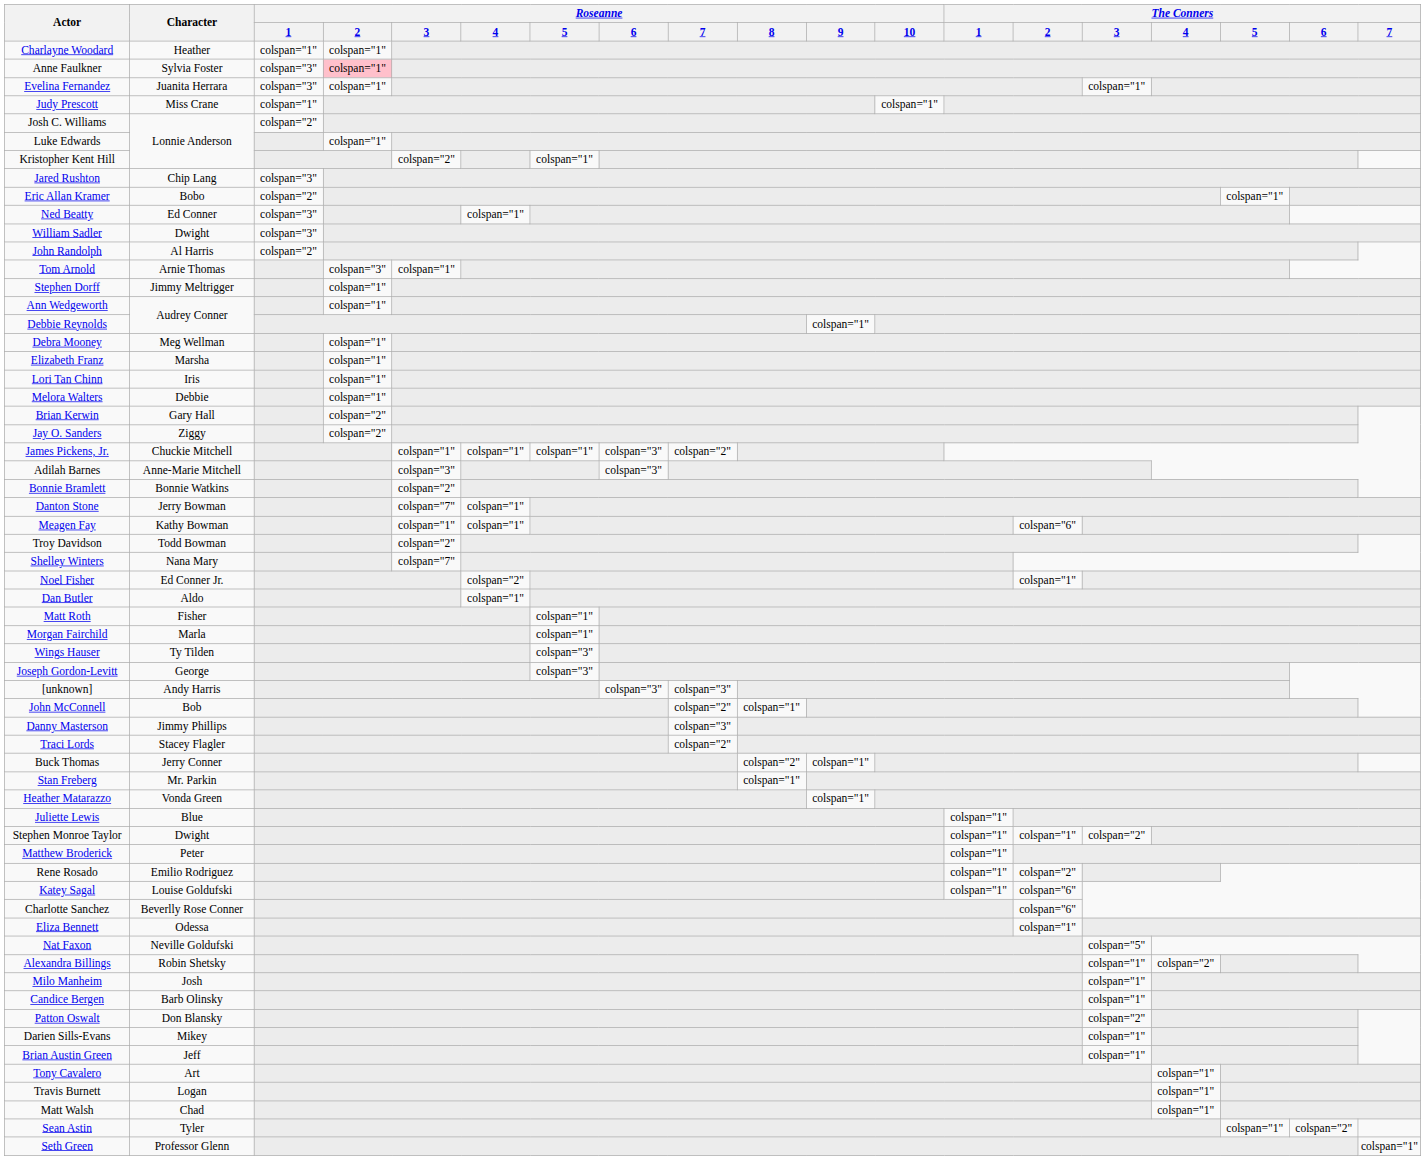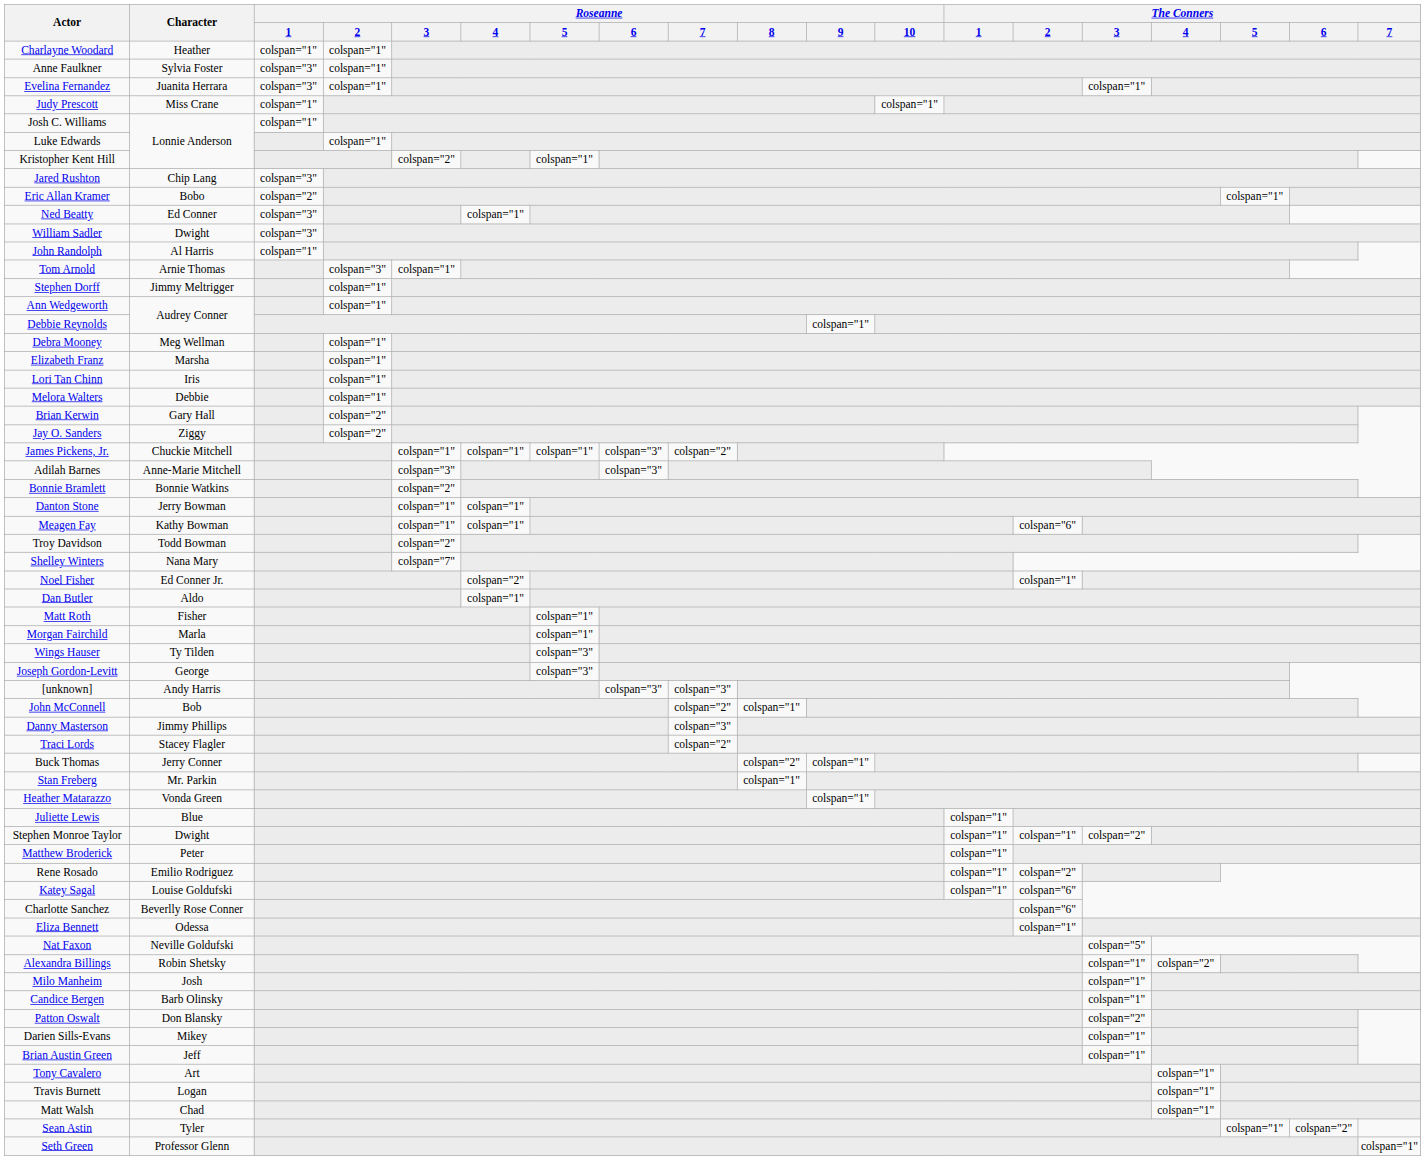 <table class="wikitable plainrowheaders" style="text-align:center">
 <tr>
 <th scope="col" rowspan="2" style="width:10%;">Actor</th>
 <th scope="col" rowspan="2" style="width:10%;">Character</th>
 <th scope="col" colspan="10"><em><a href='#'>Roseanne</a></em></th>
 <th scope="col" colspan="7"><em><a href='#'>The Conners</a></em></th>
 </tr>
 <tr>
 <th scope="col" style="width:5%;"><a href='#'>1</a></th>
 <th scope="col" style="width:5%;"><a href='#'>2</a></th>
 <th scope="col" style="width:5%;"><a href='#'>3</a></th>
 <th scope="col" style="width:5%;"><a href='#'>4</a></th>
 <th scope="col" style="width:5%;"><a href='#'>5</a></th>
 <th scope="col" style="width:5%;"><a href='#'>6</a></th>
 <th scope="col" style="width:5%;"><a href='#'>7</a></th>
 <th scope="col" style="width:5%;"><a href='#'>8</a></th>
 <th scope="col" style="width:5%;"><a href='#'>9</a></th>
 <th scope="col" style="width:5%;"><a href='#'>10</a></th>
 <th scope="col" style="width:5%;"><a href='#'>1</a></th>
 <th scope="col" style="width:5%;"><a href='#'>2</a></th>
 <th scope="col" style="width:5%;"><a href='#'>3</a></th>
 <th scope="col" style="width:5%;"><a href='#'>4</a></th>
 <th scope="col" style="width:5%;"><a href='#'>5</a></th>
 <th scope="col" style="width:5%;"><a href='#'>6</a></th>
 <th scope="col" style="width:5%;"><a href='#'>7</a></th>
 </tr>
 <tr>
 <td><a href='#'>Charlayne Woodard</a></td>
 <td>Heather</td>
 <td>colspan="1" </td>
 <td>colspan="1" </td>
 <td colspan="15" style="background:#ececec; color:gray;"></td>
 </tr>
 <tr>
 <td>Anne Faulkner</td>
 <td>Sylvia Foster</td>
 <td>colspan="3" </td>
-<td style="background: pink;">colspan="1" </td>
+<td>colspan="1" </td>
 <td colspan="15" style="background:#ececec; color:gray;"></td>
 </tr>
 <tr>
 <td><a href='#'>Evelina Fernandez</a></td>
 <td>Juanita Herrara</td>
 <td>colspan="3" </td>
 <td>colspan="1" </td>
 <td colspan="10" style="background:#ececec; color:gray;"></td>
 <td>colspan="1" </td>
 <td colspan="4" style="background:#ececec; color:gray;"></td>
 </tr>
 <tr>
 <td><a href='#'>Judy Prescott</a></td>
 <td>Miss Crane</td>
 <td>colspan="1" </td>
 <td style="background:#ececec; color:gray;" colspan="8"></td>
 <td>colspan="1" </td>
 <td colspan="7" style="background:#ececec; color:gray;"></td>
 </tr>
 <tr>
 <td>Josh C. Williams</td>
 <td rowspan="3">Lonnie Anderson</td>
-<td>colspan="2" </td>
+<td>colspan="1" </td>
 <td colspan="16" style="background:#ececec; color:gray;"></td>
 </tr>
 <tr>
 <td>Luke Edwards</td>
 <td style="background:#ececec; color:gray;" colspan="1"></td>
 <td>colspan="1" </td>
 <td colspan="15" style="background:#ececec; color:gray;"></td>
 </tr>
 <tr>
 <td>Kristopher Kent Hill</td>
 <td style="background:#ececec; color:gray;" colspan="2"></td>
 <td>colspan="2" </td>
 <td style="background:#ececec; color:gray;" colspan="1"></td>
 <td>colspan="1" </td>
 <td colspan="11" style="background:#ececec; color:gray;"></td>
 </tr>
 <tr>
 <td><a href='#'>Jared Rushton</a></td>
 <td>Chip Lang</td>
 <td>colspan="3" </td>
 <td colspan="16" style="background:#ececec; color:gray;"></td>
 </tr>
 <tr>
 <td><a href='#'>Eric Allan Kramer</a></td>
 <td>Bobo</td>
 <td>colspan="2" </td>
 <td colspan="13" style="background:#ececec; color:gray;"></td>
 <td>colspan="1" </td>
 <td colspan="2" style="background:#ececec; color:gray;"></td>
 </tr>
 <tr>
 <td><a href='#'>Ned Beatty</a></td>
 <td>Ed Conner</td>
 <td>colspan="3" </td>
 <td style="background:#ececec; color:gray;" colspan="2"></td>
 <td>colspan="1" </td>
 <td colspan="11" style="background:#ececec; color:gray;"></td>
 </tr>
 <tr>
 <td><a href='#'>William Sadler</a></td>
 <td>Dwight</td>
 <td>colspan="3" </td>
 <td colspan="16" style="background:#ececec; color:gray;"></td>
 </tr>
 <tr>
 <td><a href='#'>John Randolph</a></td>
 <td>Al Harris</td>
-<td>colspan="2" </td>
+<td>colspan="1" </td>
 <td colspan="15" style="background:#ececec; color:gray;"></td>
 </tr>
 <tr>
 <td><a href='#'>Tom Arnold</a></td>
 <td>Arnie Thomas</td>
 <td colspan="1" style="background:#ececec; color:gray;"></td>
 <td>colspan="3" </td>
 <td>colspan="1" </td>
 <td colspan="12" style="background:#ececec; color:gray;"></td>
 </tr>
 <tr>
 <td><a href='#'>Stephen Dorff</a></td>
 <td>Jimmy Meltrigger</td>
 <td colspan="1" style="background:#ececec; color:gray;"></td>
 <td>colspan="1" </td>
 <td colspan="15" style="background:#ececec; color:gray;"></td>
 </tr>
 <tr>
 <td><a href='#'>Ann Wedgeworth</a></td>
 <td rowspan="2" style="text-align:center;">Audrey Conner</td>
 <td colspan="1" style="background:#ececec; color:gray;"></td>
 <td>colspan="1" </td>
 <td colspan="15" style="background:#ececec; color:gray;"></td>
 </tr>
 <tr>
 <td><a href='#'>Debbie Reynolds</a></td>
 <td colspan="8" style="background:#ececec; color:gray;"></td>
 <td>colspan="1" </td>
 <td colspan="8" style="background:#ececec; color:gray;"></td>
 </tr>
 <tr>
 <td><a href='#'>Debra Mooney</a></td>
 <td>Meg Wellman</td>
 <td colspan="1" style="background:#ececec; color:gray;"></td>
 <td>colspan="1" </td>
 <td colspan="15" style="background:#ececec; color:gray;"></td>
 </tr>
 <tr>
 <td><a href='#'>Elizabeth Franz</a></td>
 <td>Marsha</td>
 <td colspan="1" style="background:#ececec; color:gray;"></td>
 <td>colspan="1" </td>
 <td colspan="15" style="background:#ececec; color:gray;"></td>
 </tr>
 <tr>
 <td><a href='#'>Lori Tan Chinn</a></td>
 <td>Iris</td>
 <td colspan="1" style="background:#ececec; color:gray;"></td>
 <td>colspan="1" </td>
 <td colspan="15" style="background:#ececec; color:gray;"></td>
 </tr>
 <tr>
 <td><a href='#'>Melora Walters</a></td>
 <td>Debbie</td>
 <td colspan="1" style="background:#ececec; color:gray;"></td>
 <td>colspan="1" </td>
 <td colspan="15" style="background:#ececec; color:gray;"></td>
 </tr>
 <tr>
 <td><a href='#'>Brian Kerwin</a></td>
 <td>Gary Hall</td>
 <td colspan="1" style="background:#ececec; color:gray;"></td>
 <td>colspan="2" </td>
 <td colspan="14" style="background:#ececec; color:gray;"></td>
 </tr>
 <tr>
 <td><a href='#'>Jay O. Sanders</a></td>
 <td>Ziggy</td>
 <td colspan="1" style="background:#ececec; color:gray;"></td>
 <td>colspan="2" </td>
 <td colspan="14" style="background:#ececec; color:gray;"></td>
 </tr>
 <tr>
 <td><a href='#'>James Pickens, Jr.</a></td>
 <td>Chuckie Mitchell</td>
 <td colspan="2" style="background:#ececec; color:gray;"></td>
 <td>colspan="1" </td>
 <td>colspan="1" </td>
 <td>colspan="1" </td>
 <td>colspan="3" </td>
 <td>colspan="2" </td>
 <td colspan="3" style="background:#ececec; color:gray;"></td>
 </tr>
 <tr>
 <td>Adilah Barnes</td>
 <td>Anne-Marie Mitchell</td>
 <td colspan="2" style="background:#ececec; color:gray;"></td>
 <td>colspan="3" </td>
 <td colspan="2" style="background:#ececec; color:gray;"></td>
 <td>colspan="3" </td>
 <td colspan="7" style="background:#ececec; color:gray;"></td>
 </tr>
 <tr>
 <td><a href='#'>Bonnie Bramlett</a></td>
 <td>Bonnie Watkins</td>
 <td colspan="2" style="background:#ececec; color:gray;"></td>
 <td>colspan="2" </td>
 <td colspan="13" style="background:#ececec; color:gray;"></td>
 </tr>
 <tr>
 <td><a href='#'>Danton Stone</a></td>
 <td>Jerry Bowman</td>
 <td colspan="2" style="background:#ececec; color:gray;"></td>
-<td>colspan="7" </td>
+<td>colspan="1" </td>
 <td>colspan="1" </td>
 <td colspan="13" style="background:#ececec; color:gray;"></td>
 </tr>
 <tr>
 <td><a href='#'>Meagen Fay</a></td>
 <td>Kathy Bowman</td>
 <td colspan="2" style="background:#ececec; color:gray;"></td>
 <td>colspan="1" </td>
 <td>colspan="1" </td>
 <td colspan="7" style="background:#ececec; color:gray;"></td>
 <td>colspan="6" </td>
 <td colspan="5" style="background:#ececec; color:gray;"></td>
 </tr>
 <tr>
 <td>Troy Davidson</td>
 <td>Todd Bowman</td>
 <td colspan="2" style="background:#ececec; color:gray;"></td>
 <td>colspan="2" </td>
 <td colspan="13" style="background:#ececec; color:gray;"></td>
 </tr>
 <tr>
 <td><a href='#'>Shelley Winters</a></td>
 <td>Nana Mary</td>
 <td colspan="2" style="background:#ececec; color:gray;"></td>
 <td>colspan="7" </td>
 <td colspan="8" style="background:#ececec; color:gray;"></td>
 </tr>
 <tr>
 <td><a href='#'>Noel Fisher</a></td>
 <td>Ed Conner Jr.</td>
 <td colspan="3" style="background:#ececec; color:gray;"></td>
 <td>colspan="2" </td>
 <td colspan="7" style="background:#ececec; color:gray;"></td>
 <td>colspan="1" </td>
 <td colspan="5" style="background:#ececec; color:gray;"></td>
 </tr>
 <tr>
 <td><a href='#'>Dan Butler</a></td>
 <td>Aldo</td>
 <td colspan="3" style="background:#ececec; color:gray;"></td>
 <td>colspan="1" </td>
 <td colspan="13" style="background:#ececec; color:gray;"></td>
 </tr>
 <tr>
 <td><a href='#'>Matt Roth</a></td>
 <td>Fisher</td>
 <td colspan="4" style="background:#ececec; color:gray;"></td>
 <td>colspan="1" </td>
 <td colspan="12" style="background:#ececec; color:gray;"></td>
 </tr>
 <tr>
 <td><a href='#'>Morgan Fairchild</a></td>
 <td>Marla</td>
 <td colspan="4" style="background:#ececec; color:gray;"></td>
 <td>colspan="1" </td>
 <td colspan="12" style="background:#ececec; color:gray;"></td>
 </tr>
 <tr>
 <td><a href='#'>Wings Hauser</a></td>
 <td>Ty Tilden</td>
 <td colspan="4" style="background:#ececec; color:gray;"></td>
 <td>colspan="3" </td>
 <td colspan="12" style="background:#ececec; color:gray;"></td>
 </tr>
 <tr>
 <td><a href='#'>Joseph Gordon-Levitt</a></td>
 <td>George</td>
 <td colspan="4" style="background:#ececec; color:gray;"></td>
 <td>colspan="3" </td>
 <td colspan="10" style="background:#ececec; color:gray;"></td>
 </tr>
 <tr>
 <td>[unknown]</td>
 <td>Andy Harris</td>
 <td colspan="5" style="background:#ececec; color:gray;"></td>
 <td>colspan="3" </td>
 <td>colspan="3" </td>
 <td colspan="8" style="background:#ececec; color:gray;"></td>
 </tr>
 <tr>
 <td><a href='#'>John McConnell</a></td>
 <td>Bob</td>
 <td colspan="6" style="background:#ececec; color:gray;"></td>
 <td>colspan="2" </td>
 <td>colspan="1" </td>
 <td colspan="8" style="background:#ececec; color:gray;"></td>
 </tr>
 <tr>
 <td><a href='#'>Danny Masterson</a></td>
 <td>Jimmy Phillips</td>
 <td colspan="6" style="background:#ececec; color:gray;"></td>
 <td>colspan="3" </td>
 <td colspan="10" style="background:#ececec; color:gray;"></td>
 </tr>
 <tr>
 <td><a href='#'>Traci Lords</a></td>
 <td>Stacey Flagler</td>
 <td colspan="6" style="background:#ececec; color:gray;"></td>
 <td>colspan="2" </td>
 <td colspan="10" style="background:#ececec; color:gray;"></td>
 </tr>
 <tr>
 <td>Buck Thomas</td>
 <td>Jerry Conner</td>
 <td colspan="7" style="background:#ececec; color:gray;"></td>
 <td>colspan="2" </td>
 <td>colspan="1" </td>
 <td colspan="7" style="background:#ececec; color:gray;"></td>
 </tr>
 <tr>
 <td><a href='#'>Stan Freberg</a></td>
 <td>Mr. Parkin</td>
 <td colspan="7" style="background:#ececec; color:gray;"></td>
 <td>colspan="1" </td>
 <td colspan="9" style="background:#ececec; color:gray;"></td>
 </tr>
 <tr>
 <td><a href='#'>Heather Matarazzo</a></td>
 <td>Vonda Green</td>
 <td colspan="8" style="background:#ececec; color:gray;"></td>
 <td>colspan="1" </td>
 <td colspan="8" style="background:#ececec; color:gray;"></td>
 </tr>
 <tr>
 <td><a href='#'>Juliette Lewis</a></td>
 <td>Blue</td>
 <td colspan="10" style="background:#ececec; color:gray;"></td>
 <td>colspan="1" </td>
 <td colspan="6" style="background:#ececec; color:gray;"></td>
 </tr>
 <tr>
 <td>Stephen Monroe Taylor</td>
 <td>Dwight</td>
 <td colspan="10" style="background:#ececec; color:gray;"></td>
 <td>colspan="1" </td>
 <td>colspan="1" </td>
 <td>colspan="2" </td>
 <td colspan="4" style="background:#ececec; color:gray;"></td>
 </tr>
 <tr>
 <td><a href='#'>Matthew Broderick</a></td>
 <td>Peter</td>
 <td style="background:#ececec; color:gray;" colspan="10"></td>
 <td>colspan="1" </td>
 <td colspan="6" style="background:#ececec; color:gray;"></td>
 </tr>
 <tr>
 <td>Rene Rosado</td>
 <td>Emilio Rodriguez</td>
 <td colspan="10" style="background:#ececec; color:gray;"></td>
 <td>colspan="1" </td>
 <td>colspan="2" </td>
 <td colspan="2" style="background:#ececec; color:gray;"></td>
 </tr>
 <tr>
 <td><a href='#'>Katey Sagal</a></td>
 <td>Louise Goldufski</td>
 <td colspan="10" style="background:#ececec; color:gray;"></td>
 <td>colspan="1" </td>
 <td>colspan="6" </td>
 </tr>
 <tr>
 <td>Charlotte Sanchez</td>
 <td>Beverlly Rose Conner</td>
 <td colspan="11" style="background:#ececec; color:gray;"></td>
 <td>colspan="6" </td>
 </tr>
 <tr>
 <td><a href='#'>Eliza Bennett</a></td>
 <td>Odessa</td>
 <td colspan="11" style="background:#ececec; color:gray;"></td>
 <td>colspan="1" </td>
 <td colspan="5" style="background:#ececec; color:gray;"></td>
 </tr>
 <tr>
 <td><a href='#'>Nat Faxon</a></td>
 <td>Neville Goldufski</td>
 <td colspan="12" style="background:#ececec; color:gray;"></td>
 <td>colspan="5" </td>
 </tr>
 <tr>
 <td><a href='#'>Alexandra Billings</a></td>
 <td>Robin Shetsky</td>
 <td colspan="12" style="background:#ececec; color:gray;"></td>
 <td>colspan="1" </td>
 <td>colspan="2" </td>
 <td colspan="2" style="background:#ececec; color:gray;"></td>
 </tr>
 <tr>
 <td><a href='#'>Milo Manheim</a></td>
 <td>Josh</td>
 <td colspan="12" style="background:#ececec; color:gray;"></td>
 <td>colspan="1" </td>
 <td colspan="4" style="background:#ececec; color:gray;"></td>
 </tr>
 <tr>
 <td><a href='#'>Candice Bergen</a></td>
 <td>Barb Olinsky</td>
 <td colspan="12" style="background:#ececec; color:gray;"></td>
 <td>colspan="1" </td>
 <td colspan="4" style="background:#ececec; color:gray;"></td>
 </tr>
 <tr>
 <td><a href='#'>Patton Oswalt</a></td>
 <td>Don Blansky</td>
 <td colspan="12" style="background:#ececec; color:gray;"></td>
 <td>colspan="2" </td>
 <td colspan="3" style="background:#ececec; color:gray;"></td>
 </tr>
 <tr>
 <td>Darien Sills-Evans</td>
 <td>Mikey</td>
 <td colspan="12" style="background:#ececec; color:gray;"></td>
 <td>colspan="1" </td>
 <td colspan="3" style="background:#ececec; color:gray;"></td>
 </tr>
 <tr>
 <td><a href='#'>Brian Austin Green</a></td>
 <td>Jeff</td>
 <td colspan="12" style="background:#ececec; color:gray;"></td>
 <td>colspan="1" </td>
 <td colspan="3" style="background:#ececec; color:gray;"></td>
 </tr>
 <tr>
 <td><a href='#'>Tony Cavalero</a></td>
 <td>Art</td>
 <td colspan="13" style="background:#ececec; color:gray;"></td>
 <td>colspan="1" </td>
 <td colspan="3" style="background:#ececec; color:gray;"></td>
 </tr>
 <tr>
 <td>Travis Burnett</td>
 <td>Logan</td>
 <td colspan="13" style="background:#ececec; color:gray;"></td>
 <td>colspan="1" </td>
 <td colspan="3" style="background:#ececec; color:gray;"></td>
 </tr>
 <tr>
 <td>Matt Walsh</td>
 <td>Chad</td>
 <td colspan="13" style="background:#ececec; color:gray;"></td>
 <td>colspan="1" </td>
 <td colspan="3" style="background:#ececec; color:gray;"></td>
 </tr>
 <tr>
 <td><a href='#'>Sean Astin</a></td>
 <td>Tyler</td>
 <td colspan="14" style="background:#ececec; color:gray;"></td>
 <td>colspan="1" </td>
 <td>colspan="2" </td>
 </tr>
 <tr>
 <td><a href='#'>Seth Green</a></td>
 <td>Professor Glenn</td>
 <td colspan="16" style="background:#ececec; color:gray;"></td>
 <td>colspan="1" </td>
 </tr>
 </table>
